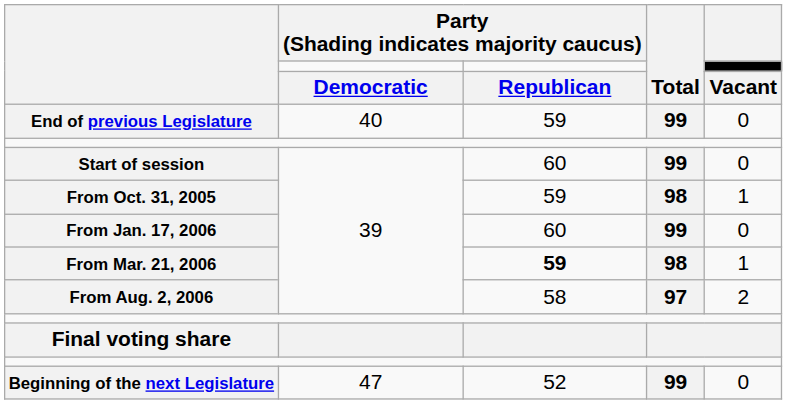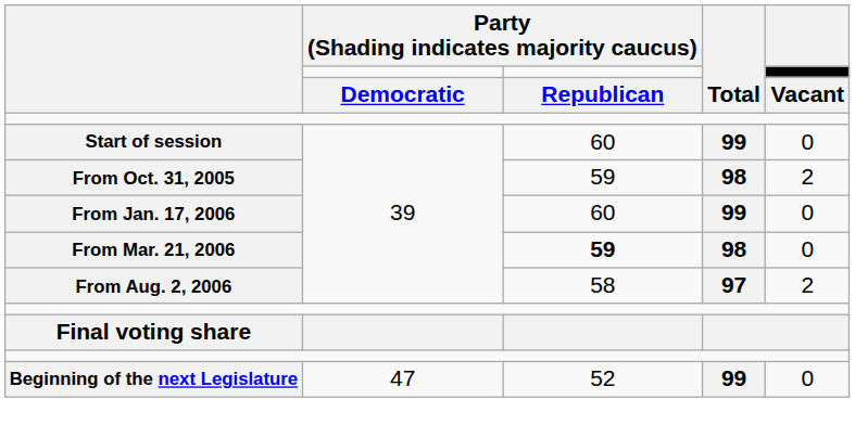 <table class=wikitable style="text-align:center">
 <tr style="vertical-align:bottom;">
 <th rowspan=3></th>
 <th colspan=2>Party <div>(Shading indicates majority caucus)</div></th>
 <th rowspan=3>Total</th>
 <th></th>
 </tr>
 <tr style="height:5px">
 <td style="background-color:"></td>
 <td style="background-color:"></td>
 <td style="background-color:black"></td>
 </tr>
 <tr>
 <th><a href='#'>Democratic</a></th>
 <th><a href='#'>Republican</a></th>
 <th>Vacant</th>
 </tr>
 <tr>
-<th nowrap style="font-size:80%">End of <a href='#'>previous Legislature</a></th>
-<td>40</td>
-<td>59</td>
-<th>99</th>
-<td>0</td>
-</tr>
-<tr>
 <td colspan=5></td>
 </tr>
 <tr>
 <th nowrap style="font-size:80%">Start of session</th>
 <td rowspan="5">39</td>
 <td>60</td>
 <th>99</th>
 <td>0</td>
 </tr>
 <tr>
 <th nowrap style="font-size:80%">From Oct. 31, 2005</th>
 <td>59</td>
 <th>98</th>
-<td>1</td>
+<td>2</td>
 </tr>
 <tr>
 <th nowrap style="font-size:80%">From Jan. 17, 2006</th>
 <td>60</td>
 <th>99</th>
 <td>0</td>
 </tr>
 <tr>
 <th nowrap style="font-size:80%">From Mar. 21, 2006</th>
 <td><strong>59</strong></td>
 <th>98</th>
-<td>1</td>
+<td>0</td>
 </tr>
 <tr>
 <th nowrap style="font-size:80%">From Aug. 2, 2006</th>
 <td>58</td>
 <th>97</th>
 <td>2</td>
 </tr>
 <tr>
 <td colspan=5></td>
 </tr>
 <tr>
 <th>Final voting share</th>
 <th></th>
 <th></th>
 <th colspan=2></th>
 </tr>
 <tr>
 <td colspan=5></td>
 </tr>
 <tr>
 <th style="white-space:nowrap; font-size:80%;">Beginning of the <a href='#'>next Legislature</a></th>
 <td>47</td>
 <td>52</td>
 <th>99</th>
 <td>0</td>
 </tr>
 </table>
